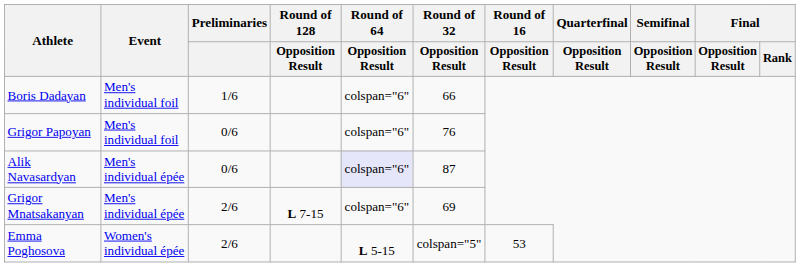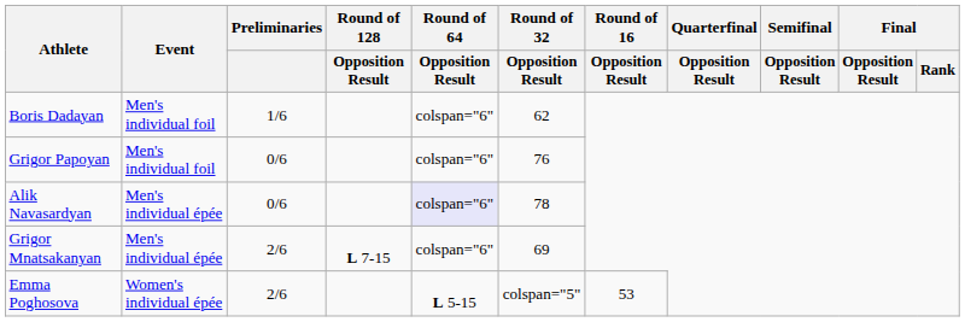 <table class="wikitable" style="text-align:center; font-size:90%">
 <tr>
 <th rowspan="2">Athlete</th>
 <th rowspan="2">Event</th>
 <th>Preliminaries</th>
 <th>Round of 128</th>
 <th>Round of 64</th>
 <th>Round of 32</th>
 <th>Round of 16</th>
 <th>Quarterfinal</th>
 <th>Semifinal</th>
 <th colspan="2">Final</th>
 </tr>
 <tr style="font-size:95%">
 <th></th>
 <th>Opposition<br>Result</th>
 <th>Opposition<br>Result</th>
 <th>Opposition<br>Result</th>
 <th>Opposition<br>Result</th>
 <th>Opposition<br>Result</th>
 <th>Opposition<br>Result</th>
 <th>Opposition<br>Result</th>
 <th>Rank</th>
 </tr>
 <tr>
 <td align="left"><a href='#'>Boris Dadayan</a></td>
 <td align="left"><a href='#'>Men's individual foil</a></td>
 <td>1/6</td>
 <td></td>
 <td>colspan="6" </td>
-<td>66</td>
+<td>62</td>
 </tr>
 <tr>
 <td align="left"><a href='#'>Grigor Papoyan</a></td>
 <td align="left"><a href='#'>Men's individual foil</a></td>
 <td>0/6</td>
 <td></td>
 <td>colspan="6" </td>
 <td>76</td>
 </tr>
 <tr>
 <td align="left"><a href='#'>Alik Navasardyan</a></td>
 <td align="left"><a href='#'>Men's individual épée</a></td>
 <td>0/6</td>
 <td></td>
 <td style="background: lavender;">colspan="6" </td>
-<td>87</td>
+<td>78</td>
 </tr>
 <tr>
 <td align="left"><a href='#'>Grigor Mnatsakanyan</a></td>
 <td align="left"><a href='#'>Men's individual épée</a></td>
 <td>2/6</td>
 <td><br><strong>L</strong> 7-15</td>
 <td>colspan="6" </td>
 <td>69</td>
 </tr>
 <tr>
 <td align="left"><a href='#'>Emma Poghosova</a></td>
 <td align="left"><a href='#'>Women's individual épée</a></td>
 <td>2/6</td>
 <td></td>
 <td><br><strong>L</strong> 5-15</td>
 <td>colspan="5" </td>
 <td>53</td>
 </tr>
 </table>
